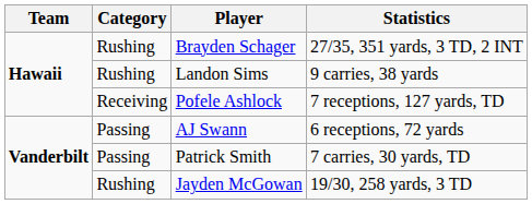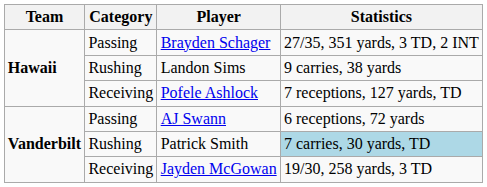 <table class="wikitable" style="float: right;">
 <tr>
 <th>Team</th>
 <th>Category</th>
 <th>Player</th>
 <th>Statistics</th>
 </tr>
 <tr>
 <td rowspan=3><strong>Hawaii</strong></td>
-<td>Rushing</td>
+<td>Passing</td>
 <td><a href='#'>Brayden Schager</a></td>
 <td>27/35, 351 yards, 3 TD, 2 INT</td>
 </tr>
 <tr>
 <td>Rushing</td>
 <td>Landon Sims</td>
 <td>9 carries, 38 yards</td>
 </tr>
 <tr>
 <td>Receiving</td>
 <td><a href='#'>Pofele Ashlock</a></td>
 <td>7 receptions, 127 yards, TD</td>
 </tr>
 <tr>
 <td rowspan=3><strong>Vanderbilt</strong></td>
 <td>Passing</td>
 <td><a href='#'>AJ Swann</a></td>
 <td>6 receptions, 72 yards</td>
 </tr>
 <tr>
-<td>Passing</td>
+<td>Rushing</td>
 <td>Patrick Smith</td>
-<td>7 carries, 30 yards, TD</td>
+<td style="background: lightblue;">7 carries, 30 yards, TD</td>
 </tr>
 <tr>
-<td>Rushing</td>
+<td>Receiving</td>
 <td><a href='#'>Jayden McGowan</a></td>
 <td>19/30, 258 yards, 3 TD</td>
 </tr>
 </table>
